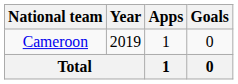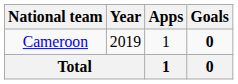 <table class="wikitable" style="text-align:center">
 <tr>
 <th>National team</th>
 <th>Year</th>
 <th>Apps</th>
 <th>Goals</th>
 </tr>
 <tr>
 <td><a href='#'>Cameroon</a></td>
 <td>2019</td>
 <td>1</td>
-<td>0</td>
+<td><strong>0</strong></td>
 </tr>
 <tr>
 <th colspan="2">Total</th>
 <th>1</th>
 <th>0</th>
 </tr>
 </table>
